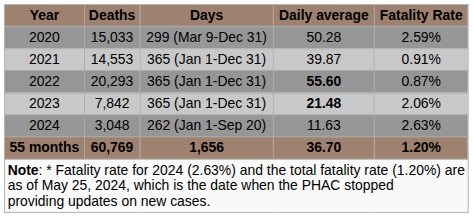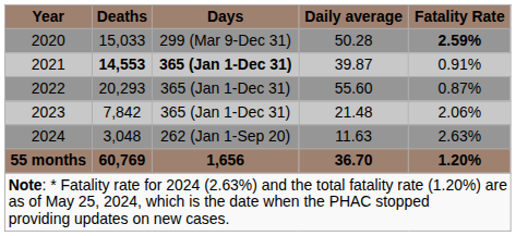 <table class="wikitable" style="text-align:center">
 <tr>
 <th style="background:#9F8170">Year</th>
 <th style="background:#9F8170">Deaths</th>
 <th style="background:#9F8170">Days</th>
 <th style="background:#9F8170">Daily average</th>
 <th style="background:#9F8170">Fatality Rate</th>
 </tr>
 <tr>
 <td style="background:#969696">2020</td>
 <td style="background:#969696">15,033</td>
 <td style="background:#969696">299 (Mar 9-Dec 31)</td>
 <td style="background:#969696">50.28</td>
-<td style="background:#969696">2.59%</td>
+<td style="background:#969696"><strong>2.59%</strong></td>
 </tr>
 <tr>
 <td style="background:#C8C8C8">2021</td>
-<td style="background:#C8C8C8">14,553</td>
-<td style="background:#C8C8C8">365 (Jan 1-Dec 31)</td>
+<td style="background:#C8C8C8"><strong>14,553</strong></td>
+<td style="background:#C8C8C8"><strong>365 (Jan 1-Dec 31)</strong></td>
 <td style="background:#C8C8C8">39.87</td>
 <td style="background:#C8C8C8">0.91%</td>
 </tr>
 <tr>
 <td style="background:#969696">2022</td>
 <td style="background:#969696">20,293</td>
 <td style="background:#969696">365 (Jan 1-Dec 31)</td>
-<td style="background:#969696"><strong>55.60</strong></td>
+<td style="background:#969696">55.60</td>
 <td style="background:#969696">0.87%</td>
 </tr>
 <tr>
 <td style="background:#C8C8C8">2023</td>
 <td style="background:#C8C8C8">7,842</td>
 <td style="background:#C8C8C8">365 (Jan 1-Dec 31)</td>
-<td style="background:#C8C8C8"><strong>21.48</strong></td>
+<td style="background:#C8C8C8">21.48</td>
 <td style="background:#C8C8C8">2.06%</td>
 </tr>
 <tr>
 <td style="background:#969696">2024</td>
 <td style="background:#969696">3,048</td>
 <td style="background:#969696">262 (Jan 1-Sep 20)</td>
 <td style="background:#969696">11.63</td>
 <td style="background:#969696">2.63%</td>
 </tr>
 <tr>
 <td style="background:#9F8170"><strong>55 months</strong></td>
 <td style="background:#9F8170"><strong>60,769</strong></td>
 <td style="background:#9F8170"><strong>1,656</strong></td>
 <td style="background:#9F8170"><strong>36.70</strong></td>
 <td style="background:#9F8170"><strong>1.20%</strong></td>
 </tr>
 <tr>
 <td colspan="5" style="text-align:left;"><strong>Note</strong>: * Fatality rate for 2024 (2.63%) and the total fatality rate (1.20%) are<br>as of May 25, 2024, which is the date when the PHAC stopped<br>providing updates on new cases.</td>
 </tr>
 </table>
